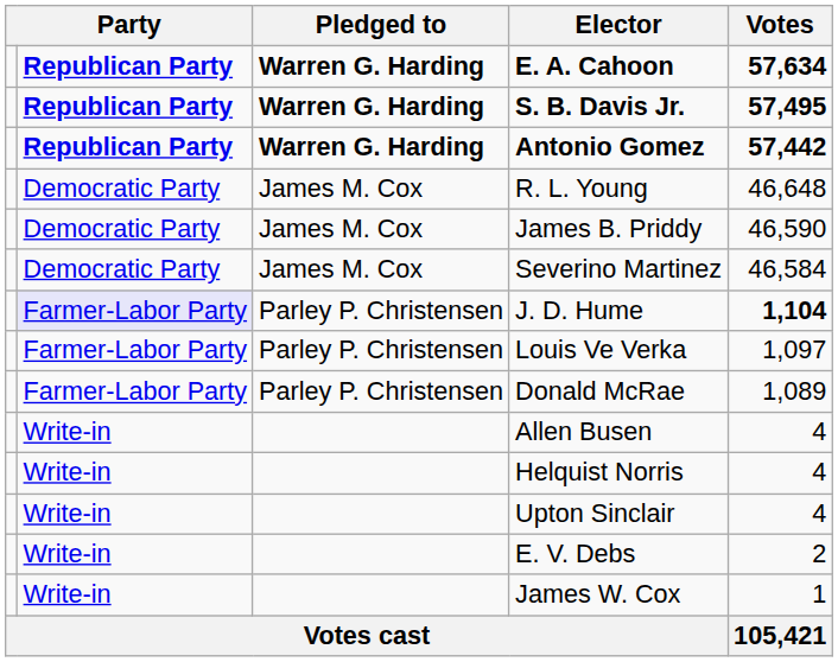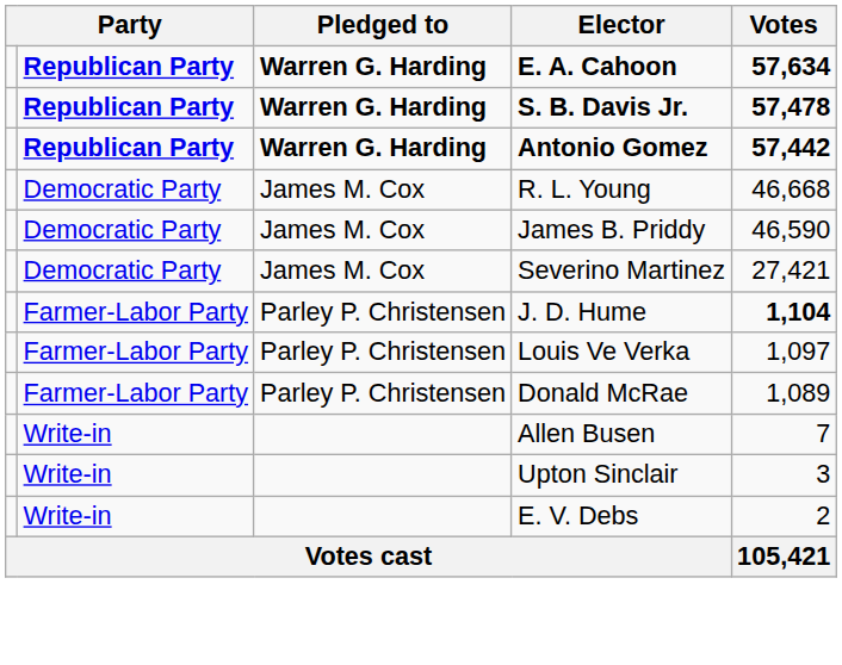 <table class="wikitable">
 <tr>
 <th colspan=2>Party</th>
 <th>Pledged to</th>
 <th>Elector</th>
 <th>Votes</th>
 </tr>
 <tr style="font-weight:bold">
 <td></td>
 <td><a href='#'>Republican Party</a></td>
 <td>Warren G. Harding</td>
 <td>E. A. Cahoon</td>
 <td align=right>57,634</td>
 </tr>
 <tr style="font-weight:bold">
 <td></td>
 <td><a href='#'>Republican Party</a></td>
 <td>Warren G. Harding</td>
 <td>S. B. Davis Jr.</td>
-<td align=right>57,495</td>
+<td align=right>57,478</td>
 </tr>
 <tr style="font-weight:bold">
 <td></td>
 <td><a href='#'>Republican Party</a></td>
 <td>Warren G. Harding</td>
 <td>Antonio Gomez</td>
 <td align=right>57,442</td>
 </tr>
 <tr>
 <td bgcolor=></td>
 <td><a href='#'>Democratic Party</a></td>
 <td>James M. Cox</td>
 <td>R. L. Young</td>
-<td align="right">46,648</td>
+<td align="right">46,668</td>
 </tr>
 <tr>
 <td bgcolor=></td>
 <td><a href='#'>Democratic Party</a></td>
 <td>James M. Cox</td>
 <td>James B. Priddy</td>
 <td align="right">46,590</td>
 </tr>
 <tr>
 <td bgcolor=></td>
 <td><a href='#'>Democratic Party</a></td>
 <td>James M. Cox</td>
 <td>Severino Martinez</td>
-<td align="right">46,584</td>
+<td align="right">27,421</td>
 </tr>
 <tr>
 <td bgcolor=></td>
-<td style="background: lavender;"><a href='#'>Farmer-Labor Party</a></td>
+<td><a href='#'>Farmer-Labor Party</a></td>
 <td>Parley P. Christensen</td>
 <td>J. D. Hume</td>
 <td align="right"><strong>1,104</strong></td>
 </tr>
 <tr>
 <td bgcolor=></td>
 <td><a href='#'>Farmer-Labor Party</a></td>
 <td>Parley P. Christensen</td>
 <td>Louis Ve Verka</td>
 <td align="right">1,097</td>
 </tr>
 <tr>
 <td bgcolor=></td>
 <td><a href='#'>Farmer-Labor Party</a></td>
 <td>Parley P. Christensen</td>
 <td>Donald McRae</td>
 <td align="right">1,089</td>
 </tr>
 <tr>
 <td></td>
 <td><a href='#'>Write-in</a></td>
 <td></td>
 <td>Allen Busen</td>
-<td align="right">4</td>
-</tr>
-<tr>
-<td></td>
-<td><a href='#'>Write-in</a></td>
-<td></td>
-<td>Helquist Norris</td>
-<td align="right">4</td>
+<td align="right">7</td>
 </tr>
 <tr>
 <td></td>
 <td><a href='#'>Write-in</a></td>
 <td></td>
 <td>Upton Sinclair</td>
-<td align="right">4</td>
+<td align="right">3</td>
 </tr>
 <tr>
 <td></td>
 <td><a href='#'>Write-in</a></td>
 <td></td>
 <td>E. V. Debs</td>
 <td align="right">2</td>
 </tr>
 <tr>
-<td></td>
-<td><a href='#'>Write-in</a></td>
-<td></td>
-<td>James W. Cox</td>
-<td align="right">1</td>
-</tr>
-<tr>
 <th colspan="4">Votes cast</th>
 <th>105,421</th>
 </tr>
 </table>
